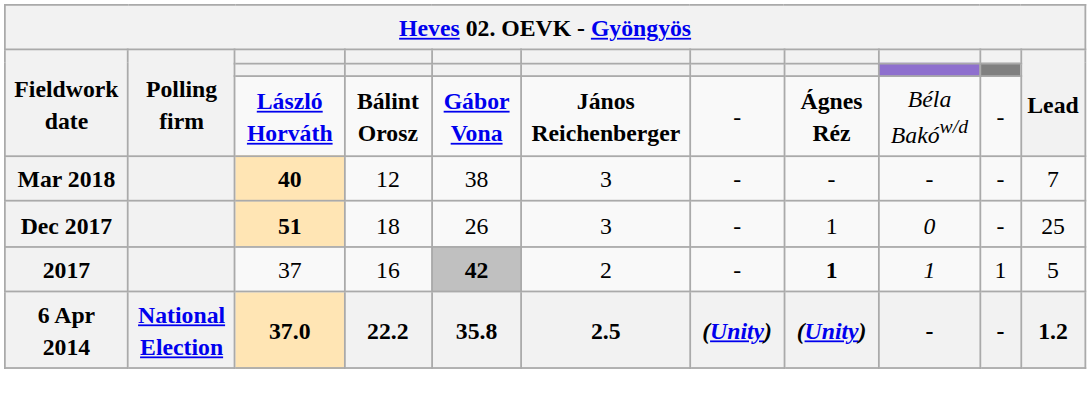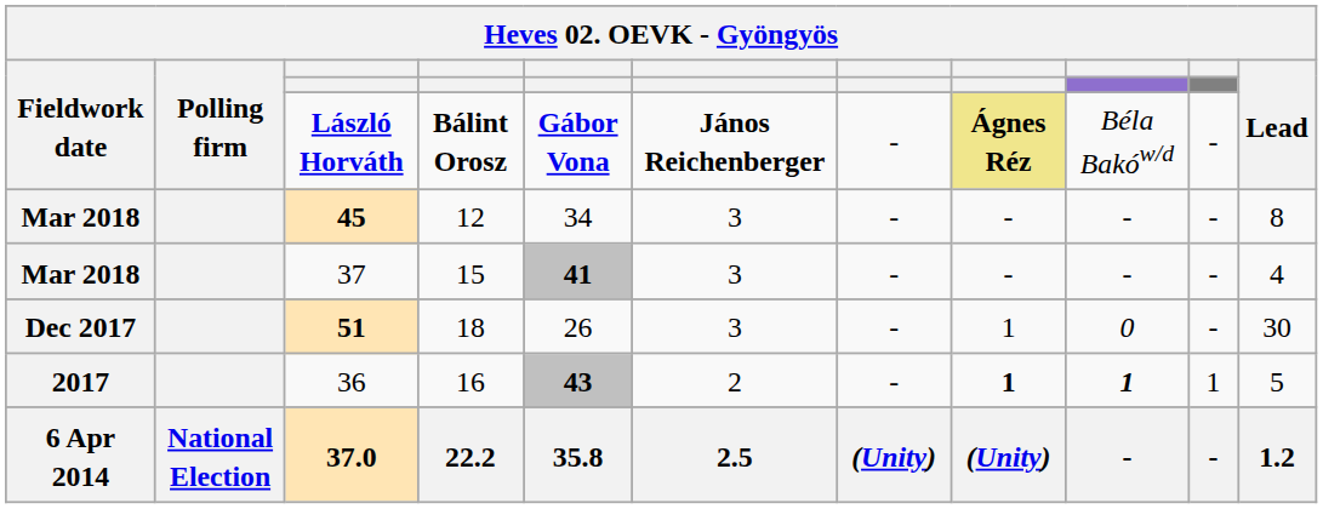 <table class="wikitable mw-collapsible mw-collapsed" style="text-align:center">
 <tr>
 <th colspan="11" style="width: 980pt;"><small><a href='#'>Heves</a> 02. OEVK - <a href='#'>Gyöngyös</a></small></th>
 </tr>
 <tr>
 <th rowspan="3" style="width: 80pt;"><small>Fieldwork</small> <small>date</small></th>
 <th rowspan="3" style="width: 80pt;"><strong><small>Polling</small> <small>firm</small></strong></th>
 <th style="width: 100pt;"><small></small></th>
 <th style="width: 100pt;"><small> </small></th>
 <th style="width: 100pt;"></th>
 <th style="width: 100pt;"></th>
 <th style="width: 100pt;"></th>
 <th style="width: 100pt;"></th>
 <th style="width: 100pt;"></th>
 <th style="width: 100pt;"></th>
 <th rowspan="3" style="width: 20pt;"><small>Lead</small></th>
 </tr>
 <tr>
 <th style="color:inherit;background:"></th>
 <th style="color:inherit;background:"></th>
 <th style="color:inherit;background:"></th>
 <th style="color:inherit;background:"></th>
 <th style="color:inherit;background:"></th>
 <th style="color:inherit;background:"></th>
 <th style="color:inherit;background:#8E6FCE;"></th>
 <th style="color:inherit;background:#808080;"></th>
 </tr>
 <tr>
 <td><a href='#'><small><strong>László Horváth</strong></small></a></td>
 <td><small><strong>Bálint Orosz</strong></small></td>
 <td><a href='#'><small><strong>Gábor Vona</strong></small></a></td>
 <td><small><strong>János</strong></small> <small><strong>Reichenberger</strong></small></td>
 <td><small>-</small></td>
-<td><small><strong>Ágnes Réz</strong></small></td>
+<td style="background: khaki;"><small><strong>Ágnes Réz</strong></small></td>
 <td><em><small>Béla Bakó<sup>w/d</sup></small></em></td>
 <td><small>-</small></td>
 </tr>
 <tr>
 <th><small>Mar 2018</small></th>
 <th><small></small></th>
-<td style="background:#FFE5B4"><strong><small>40</small></strong></td>
+<td style="background:#FFE5B4"><strong><small>45</small></strong></td>
 <td><small>12</small></td>
-<td><small>38</small></td>
+<td><small>34</small></td>
 <td><small>3</small></td>
 <td><small>-</small></td>
 <td><small>-</small></td>
 <td><small>-</small></td>
 <td><small>-</small></td>
-<td style="background:"><small>7</small></td>
+<td style="background:"><small>8</small></td>
+</tr>
+<tr>
+<th><small>Mar 2018</small></th>
+<th><small></small></th>
+<td><small>37</small></td>
+<td><small>15</small></td>
+<td style="background:#C0C0C0"><small><strong>41</strong></small></td>
+<td><small>3</small></td>
+<td><small>-</small></td>
+<td><small>-</small></td>
+<td><small>-</small></td>
+<td><small>-</small></td>
+<td style="background:"><small>4</small></td>
 </tr>
 <tr>
 <th><small>Dec 2017</small></th>
 <th><small></small></th>
 <td style="background:#FFE5B4"><small><strong>51</strong></small></td>
 <td><small>18</small></td>
 <td><small>26</small></td>
 <td><small>3</small></td>
 <td><small>-</small></td>
 <td><small>1</small></td>
 <td><small><em>0</em></small></td>
 <td><small>-</small></td>
-<td style="background:"><small>25</small></td>
+<td style="background:"><small>30</small></td>
 </tr>
 <tr>
 <th><small>2017</small></th>
 <th><small></small></th>
-<td><small>37</small></td>
+<td><small>36</small></td>
 <td><small>16</small></td>
-<td style="background:#C0C0C0"><small><strong>42</strong></small></td>
+<td style="background:#C0C0C0"><small><strong>43</strong></small></td>
 <td><small>2</small></td>
 <td><small>-</small></td>
 <td><strong><small>1</small></strong></td>
-<td><small><em>1</em></small></td>
+<td><strong><small><em>1</em></small></strong></td>
 <td><small>1</small></td>
 <td style="background:"><small>5</small></td>
 </tr>
 <tr>
 <th><small>6 Apr 2014</small></th>
 <th><a href='#'><small>National Election</small></a></th>
 <th style="background:#FFE5B4"><small>37.0</small></th>
 <th><small>22.2</small></th>
 <th><small>35.8</small></th>
 <th><small>2.5</small></th>
 <th><small><em>(<a href='#'>Unity</a>)</em></small></th>
 <th><small><em>(<a href='#'>Unity</a>)</em></small></th>
 <th><small>-</small></th>
 <th><small>-</small></th>
 <th style="background:"><small>1.2</small></th>
 </tr>
 </table>
